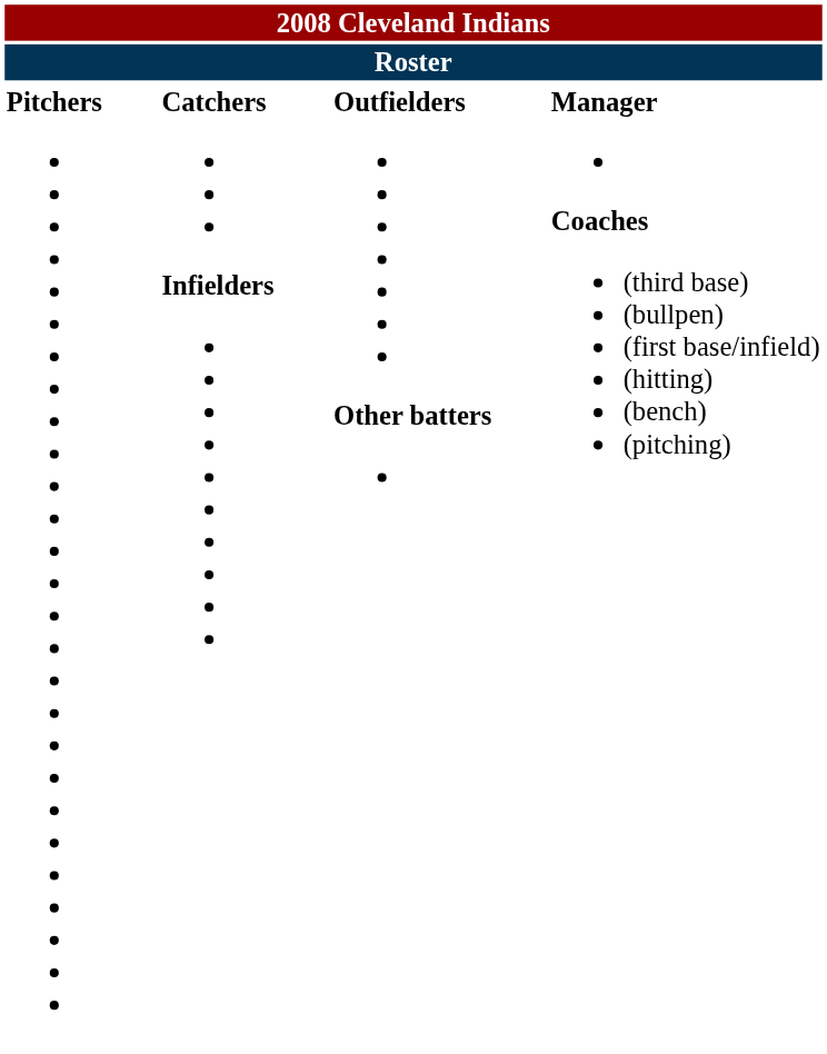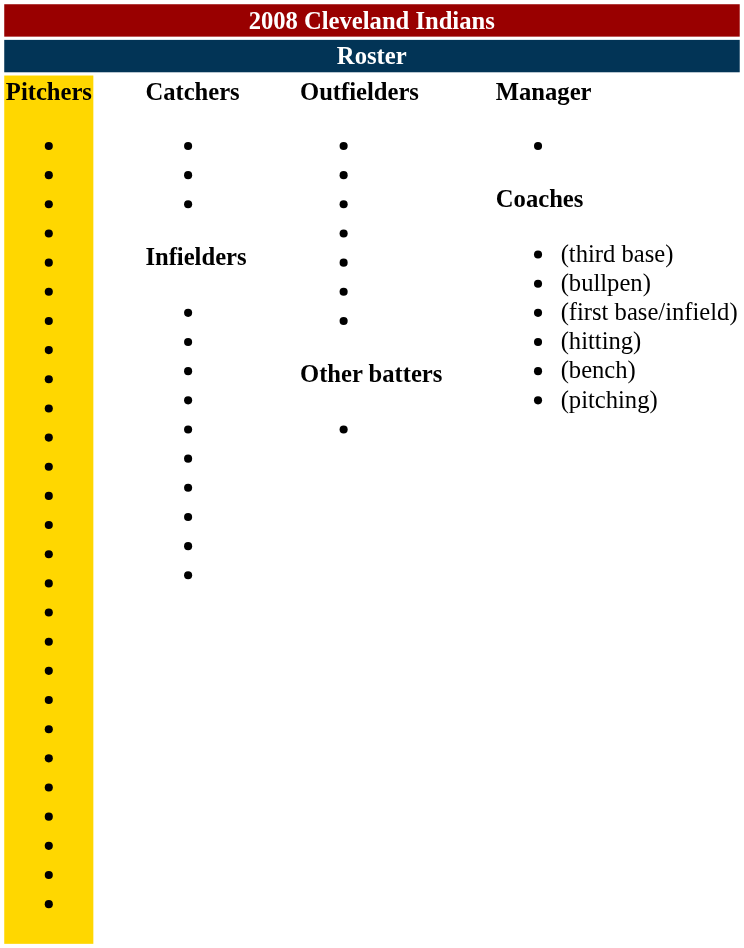 <table class="toccolours" style="font-size: 95%;">
 <tr>
 <th colspan="10" style="background:#900; color:white; text-align:center;">2008 Cleveland Indians</th>
 </tr>
 <tr>
 <td colspan="10" style="background:#023456; color:#fff; text-align:center;"><strong>Roster</strong></td>
 </tr>
 <tr>
-<td valign="top"><strong>Pitchers</strong><br><ul><li></li><li></li><li></li><li></li><li></li><li></li><li></li><li></li><li></li><li></li><li></li><li></li><li></li><li></li><li></li><li></li><li></li><li></li><li></li><li></li><li></li><li></li><li></li><li></li><li></li><li></li><li></li></ul></td>
+<td valign="top" style="background: gold;"><strong>Pitchers</strong><br><ul><li></li><li></li><li></li><li></li><li></li><li></li><li></li><li></li><li></li><li></li><li></li><li></li><li></li><li></li><li></li><li></li><li></li><li></li><li></li><li></li><li></li><li></li><li></li><li></li><li></li><li></li><li></li></ul></td>
 <td style="width:25px;"></td>
 <td valign="top"><strong>Catchers</strong><br><ul><li></li><li></li><li></li></ul><strong>Infielders</strong><ul><li></li><li></li><li></li><li></li><li></li><li></li><li></li><li></li><li></li><li></li></ul></td>
 <td style="width:25px;"></td>
 <td valign="top"><strong>Outfielders</strong><br><ul><li></li><li></li><li></li><li></li><li></li><li></li><li></li></ul><strong>Other batters</strong><ul><li></li></ul></td>
 <td style="width:25px;"></td>
 <td valign="top"><strong>Manager</strong><br><ul><li></li></ul><strong>Coaches</strong><ul><li> (third base)</li><li> (bullpen)</li><li> (first base/infield)</li><li> (hitting)</li><li> (bench)</li><li> (pitching)</li></ul></td>
 </tr>
 </table>
